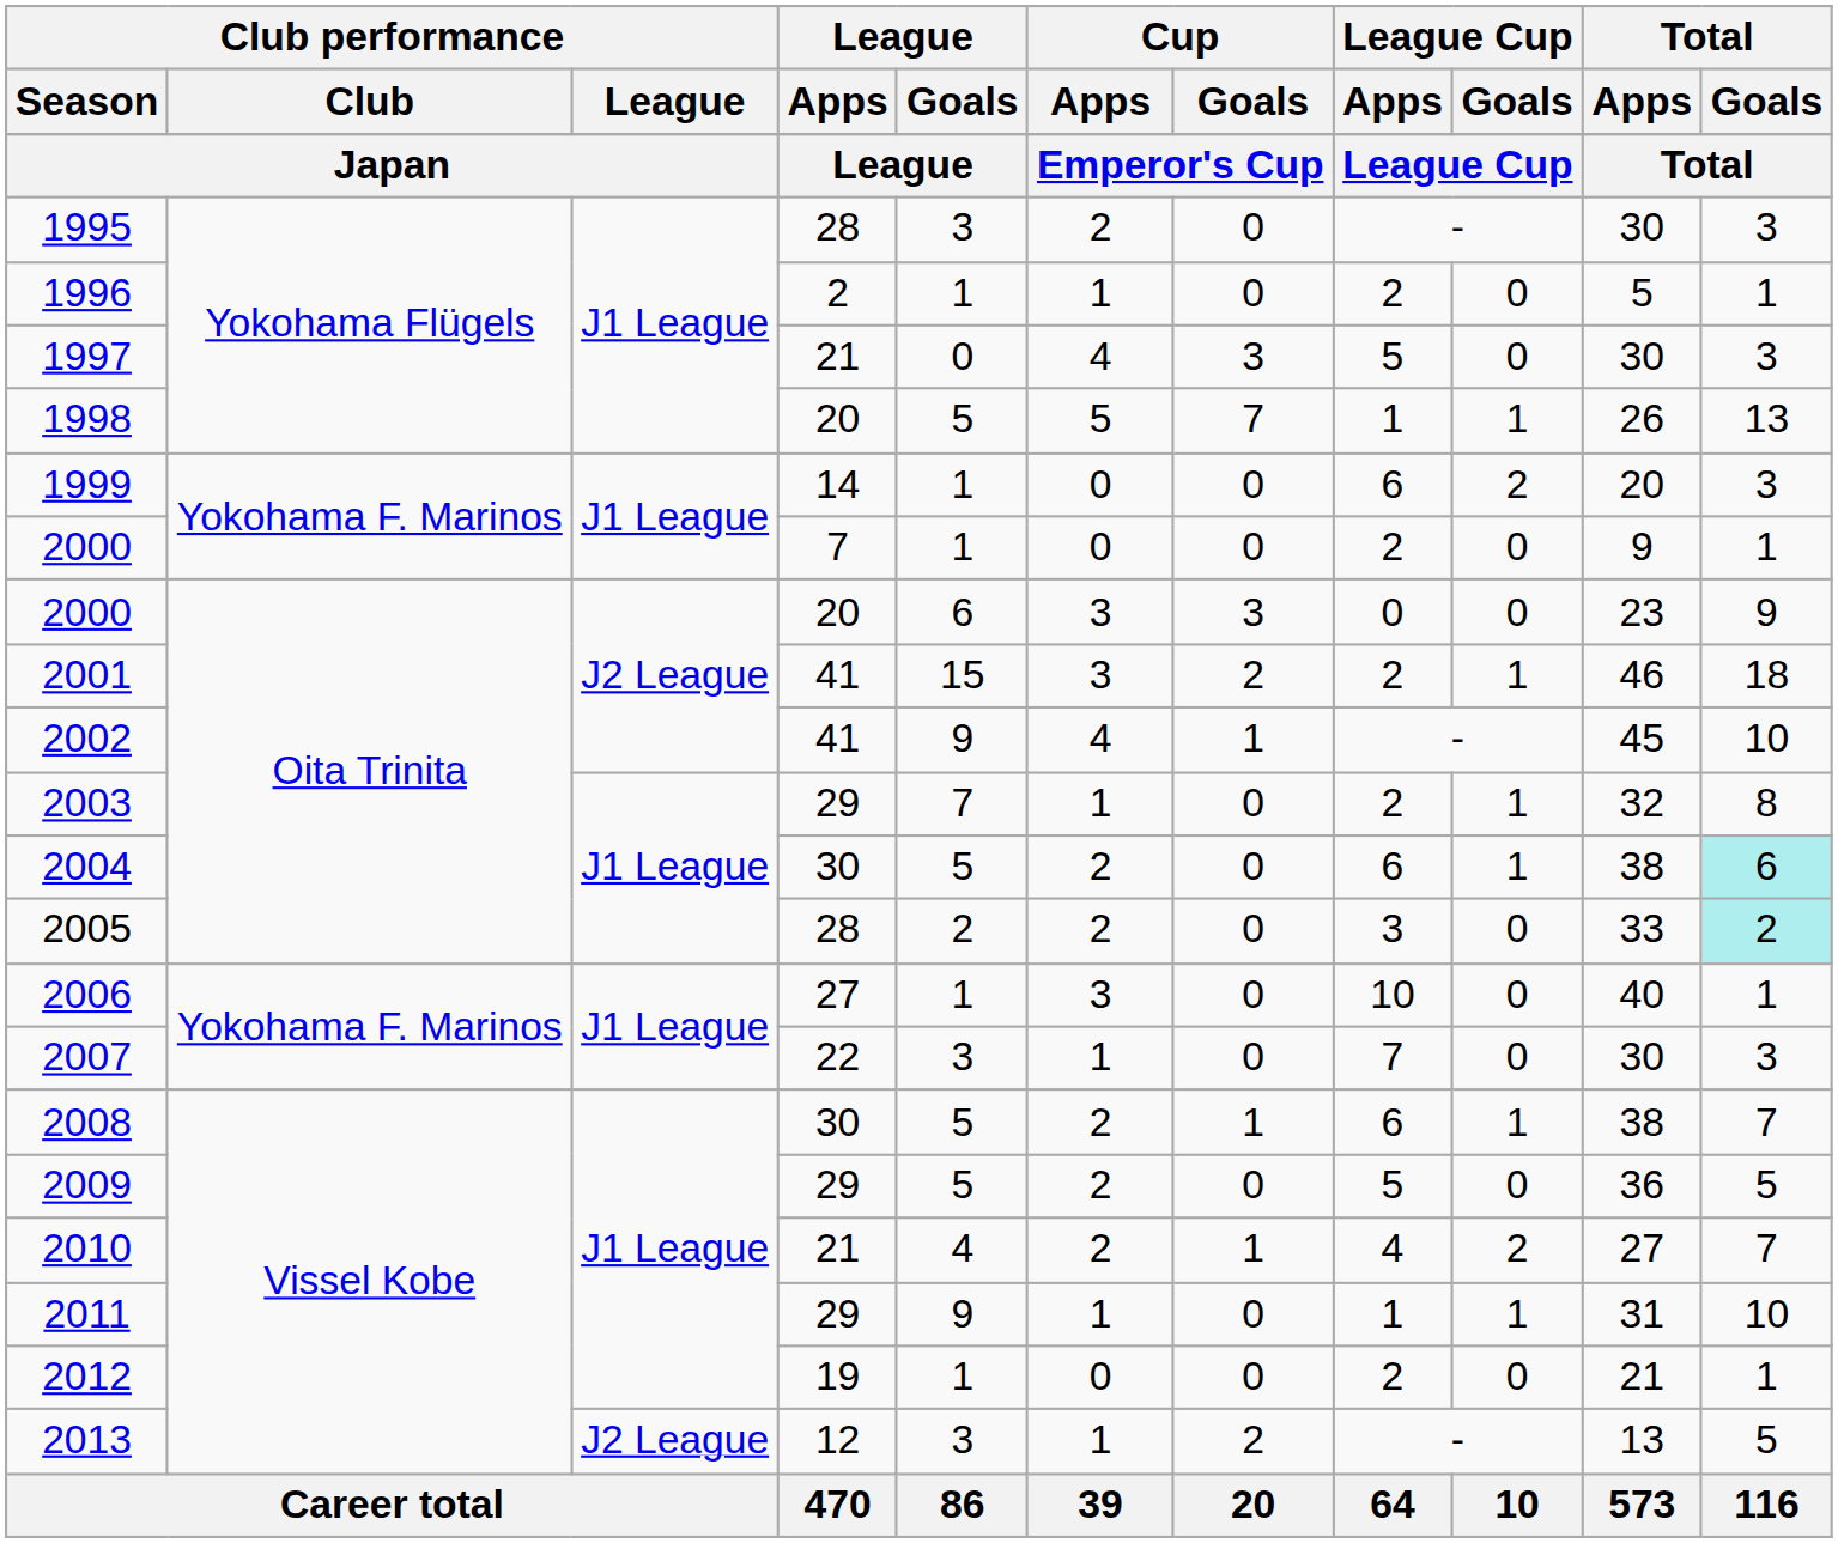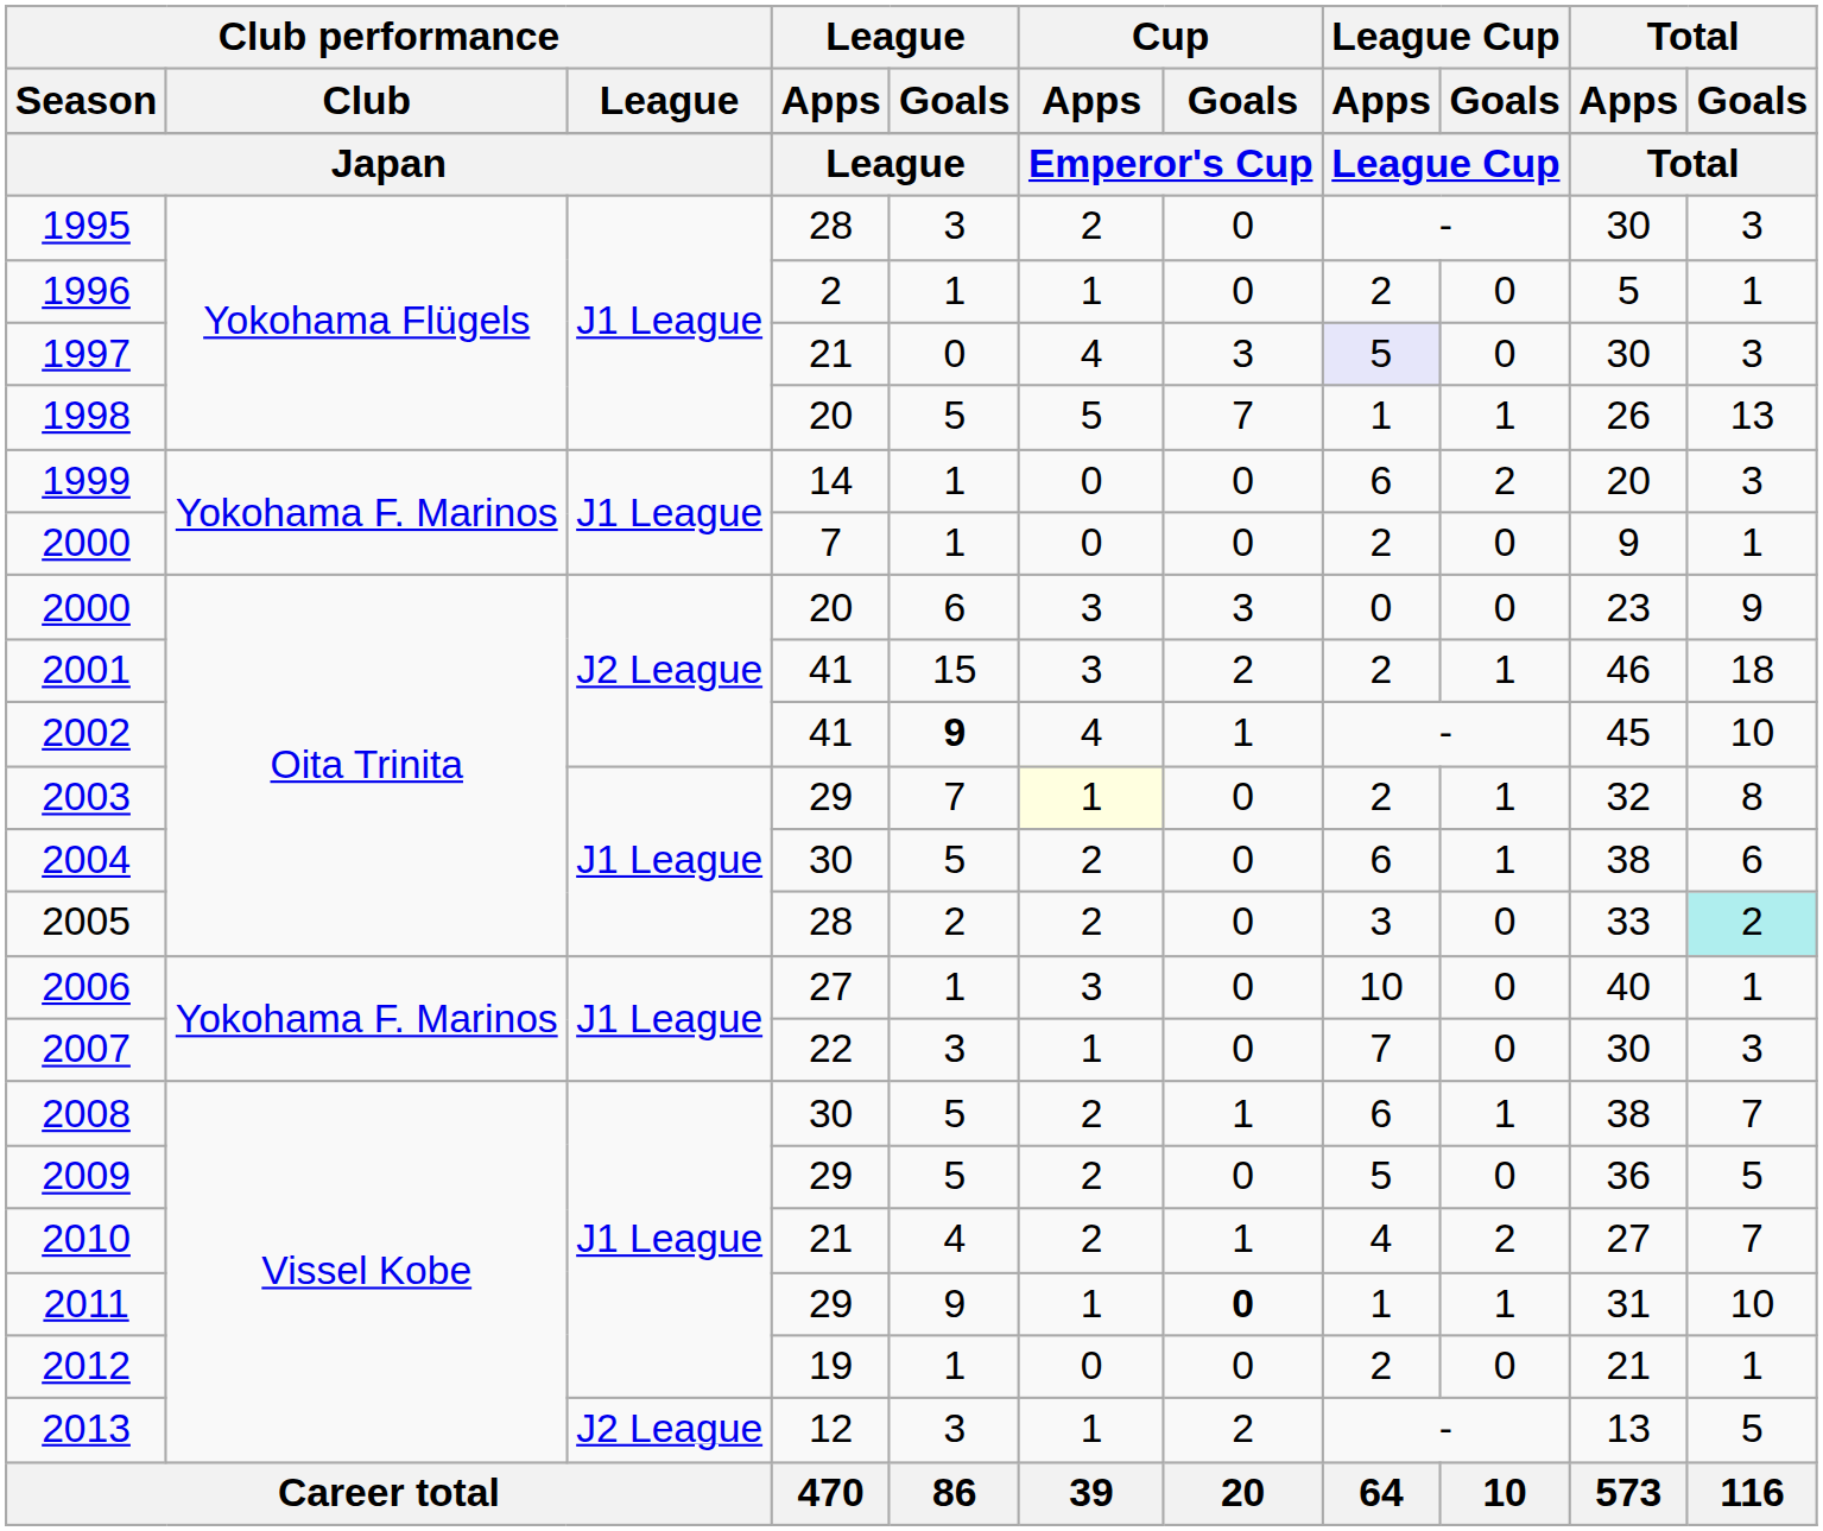 <table class="wikitable" style="text-align:center">
 <tr>
 <th colspan=3>Club performance</th>
 <th colspan=2>League</th>
 <th colspan=2>Cup</th>
 <th colspan=2>League Cup</th>
 <th colspan=2>Total</th>
 </tr>
 <tr>
 <th>Season</th>
 <th>Club</th>
 <th>League</th>
 <th>Apps</th>
 <th>Goals</th>
 <th>Apps</th>
 <th>Goals</th>
 <th>Apps</th>
 <th>Goals</th>
 <th>Apps</th>
 <th>Goals</th>
 </tr>
 <tr>
 </tr>
 <tr>
 <th colspan=3>Japan</th>
 <th colspan=2>League</th>
 <th colspan=2><a href='#'>Emperor's Cup</a></th>
 <th colspan=2><a href='#'>League Cup</a></th>
 <th colspan=2>Total</th>
 </tr>
 <tr>
 <td><a href='#'>1995</a></td>
 <td rowspan="4"><a href='#'>Yokohama Flügels</a></td>
 <td rowspan="4"><a href='#'>J1 League</a></td>
 <td>28</td>
 <td>3</td>
 <td>2</td>
 <td>0</td>
 <td colspan="2">-</td>
 <td>30</td>
 <td>3</td>
 </tr>
 <tr>
 <td><a href='#'>1996</a></td>
 <td>2</td>
 <td>1</td>
 <td>1</td>
 <td>0</td>
 <td>2</td>
 <td>0</td>
 <td>5</td>
 <td>1</td>
 </tr>
 <tr>
 <td><a href='#'>1997</a></td>
 <td>21</td>
 <td>0</td>
 <td>4</td>
 <td>3</td>
-<td>5</td>
+<td style="background: lavender;">5</td>
 <td>0</td>
 <td>30</td>
 <td>3</td>
 </tr>
 <tr>
 <td><a href='#'>1998</a></td>
 <td>20</td>
 <td>5</td>
 <td>5</td>
 <td>7</td>
 <td>1</td>
 <td>1</td>
 <td>26</td>
 <td>13</td>
 </tr>
 <tr>
 <td><a href='#'>1999</a></td>
 <td rowspan="2"><a href='#'>Yokohama F. Marinos</a></td>
 <td rowspan="2"><a href='#'>J1 League</a></td>
 <td>14</td>
 <td>1</td>
 <td>0</td>
 <td>0</td>
 <td>6</td>
 <td>2</td>
 <td>20</td>
 <td>3</td>
 </tr>
 <tr>
 <td><a href='#'>2000</a></td>
 <td>7</td>
 <td>1</td>
 <td>0</td>
 <td>0</td>
 <td>2</td>
 <td>0</td>
 <td>9</td>
 <td>1</td>
 </tr>
 <tr>
 <td><a href='#'>2000</a></td>
 <td rowspan="6"><a href='#'>Oita Trinita</a></td>
 <td rowspan="3"><a href='#'>J2 League</a></td>
 <td>20</td>
 <td>6</td>
 <td>3</td>
 <td>3</td>
 <td>0</td>
 <td>0</td>
 <td>23</td>
 <td>9</td>
 </tr>
 <tr>
 <td><a href='#'>2001</a></td>
 <td>41</td>
 <td>15</td>
 <td>3</td>
 <td>2</td>
 <td>2</td>
 <td>1</td>
 <td>46</td>
 <td>18</td>
 </tr>
 <tr>
 <td><a href='#'>2002</a></td>
 <td>41</td>
-<td>9</td>
+<td><strong>9</strong></td>
 <td>4</td>
 <td>1</td>
 <td colspan="2">-</td>
 <td>45</td>
 <td>10</td>
 </tr>
 <tr>
 <td><a href='#'>2003</a></td>
 <td rowspan="3"><a href='#'>J1 League</a></td>
 <td>29</td>
 <td>7</td>
-<td>1</td>
+<td style="background: lightyellow;">1</td>
 <td>0</td>
 <td>2</td>
 <td>1</td>
 <td>32</td>
 <td>8</td>
 </tr>
 <tr>
 <td><a href='#'>2004</a></td>
 <td>30</td>
 <td>5</td>
 <td>2</td>
 <td>0</td>
 <td>6</td>
 <td>1</td>
 <td>38</td>
-<td style="background: paleturquoise;">6</td>
+<td>6</td>
 </tr>
 <tr>
 <td>2005</td>
 <td>28</td>
 <td>2</td>
 <td>2</td>
 <td>0</td>
 <td>3</td>
 <td>0</td>
 <td>33</td>
 <td style="background: paleturquoise;">2</td>
 </tr>
 <tr>
 <td><a href='#'>2006</a></td>
 <td rowspan="2"><a href='#'>Yokohama F. Marinos</a></td>
 <td rowspan="2"><a href='#'>J1 League</a></td>
 <td>27</td>
 <td>1</td>
 <td>3</td>
 <td>0</td>
 <td>10</td>
 <td>0</td>
 <td>40</td>
 <td>1</td>
 </tr>
 <tr>
 <td><a href='#'>2007</a></td>
 <td>22</td>
 <td>3</td>
 <td>1</td>
 <td>0</td>
 <td>7</td>
 <td>0</td>
 <td>30</td>
 <td>3</td>
 </tr>
 <tr>
 <td><a href='#'>2008</a></td>
 <td rowspan="6"><a href='#'>Vissel Kobe</a></td>
 <td rowspan="5"><a href='#'>J1 League</a></td>
 <td>30</td>
 <td>5</td>
 <td>2</td>
 <td>1</td>
 <td>6</td>
 <td>1</td>
 <td>38</td>
 <td>7</td>
 </tr>
 <tr>
 <td><a href='#'>2009</a></td>
 <td>29</td>
 <td>5</td>
 <td>2</td>
 <td>0</td>
 <td>5</td>
 <td>0</td>
 <td>36</td>
 <td>5</td>
 </tr>
 <tr>
 <td><a href='#'>2010</a></td>
 <td>21</td>
 <td>4</td>
 <td>2</td>
 <td>1</td>
 <td>4</td>
 <td>2</td>
 <td>27</td>
 <td>7</td>
 </tr>
 <tr>
 <td><a href='#'>2011</a></td>
 <td>29</td>
 <td>9</td>
 <td>1</td>
-<td>0</td>
+<td><strong>0</strong></td>
 <td>1</td>
 <td>1</td>
 <td>31</td>
 <td>10</td>
 </tr>
 <tr>
 <td><a href='#'>2012</a></td>
 <td>19</td>
 <td>1</td>
 <td>0</td>
 <td>0</td>
 <td>2</td>
 <td>0</td>
 <td>21</td>
 <td>1</td>
 </tr>
 <tr>
 <td><a href='#'>2013</a></td>
 <td><a href='#'>J2 League</a></td>
 <td>12</td>
 <td>3</td>
 <td>1</td>
 <td>2</td>
 <td colspan="2">-</td>
 <td>13</td>
 <td>5</td>
 </tr>
 <tr>
 <th colspan=3>Career total</th>
 <th>470</th>
 <th>86</th>
 <th>39</th>
 <th>20</th>
 <th>64</th>
 <th>10</th>
 <th>573</th>
 <th>116</th>
 </tr>
 </table>
